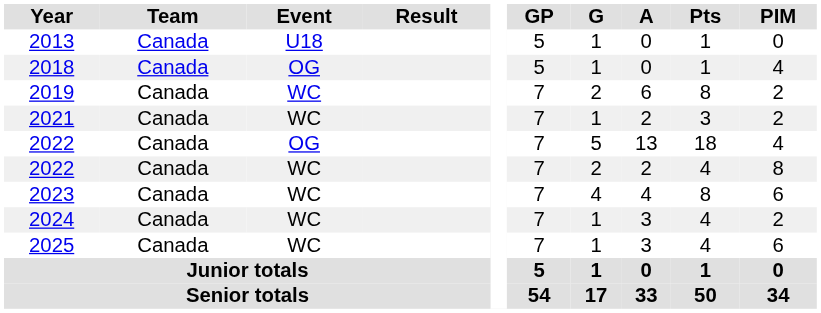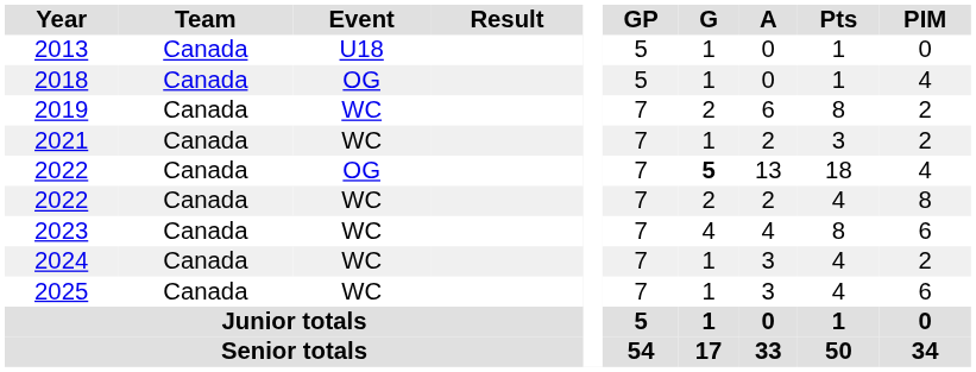 <table border="0" cellpadding="1" cellspacing="0" style="text-align:center; width:40em">
 <tr ALIGN="center" bgcolor="#e0e0e0">
 <th>Year</th>
 <th>Team</th>
 <th>Event</th>
 <th>Result</th>
 <th rowspan="99" bgcolor="#ffffff"> </th>
 <th>GP</th>
 <th>G</th>
 <th>A</th>
 <th>Pts</th>
 <th>PIM</th>
 </tr>
 <tr>
 <td><a href='#'>2013</a></td>
 <td><a href='#'>Canada</a></td>
 <td><a href='#'>U18</a></td>
 <td></td>
 <td>5</td>
 <td>1</td>
 <td>0</td>
 <td>1</td>
 <td>0</td>
 </tr>
 <tr bgcolor="#f0f0f0">
 <td><a href='#'>2018</a></td>
 <td><a href='#'>Canada</a></td>
 <td><a href='#'>OG</a></td>
 <td></td>
 <td>5</td>
 <td>1</td>
 <td>0</td>
 <td>1</td>
 <td>4</td>
 </tr>
 <tr>
 <td><a href='#'>2019</a></td>
 <td>Canada</td>
 <td><a href='#'>WC</a></td>
 <td></td>
 <td>7</td>
 <td>2</td>
 <td>6</td>
 <td>8</td>
 <td>2</td>
 </tr>
 <tr bgcolor="#f0f0f0">
 <td><a href='#'>2021</a></td>
 <td>Canada</td>
 <td>WC</td>
 <td></td>
 <td>7</td>
 <td>1</td>
 <td>2</td>
 <td>3</td>
 <td>2</td>
 </tr>
 <tr>
 <td><a href='#'>2022</a></td>
 <td>Canada</td>
 <td><a href='#'>OG</a></td>
 <td></td>
 <td>7</td>
-<td>5</td>
+<td><strong>5</strong></td>
 <td>13</td>
 <td>18</td>
 <td>4</td>
 </tr>
 <tr bgcolor="#f0f0f0">
 <td><a href='#'>2022</a></td>
 <td>Canada</td>
 <td>WC</td>
 <td></td>
 <td>7</td>
 <td>2</td>
 <td>2</td>
 <td>4</td>
 <td>8</td>
 </tr>
 <tr>
 <td><a href='#'>2023</a></td>
 <td>Canada</td>
 <td>WC</td>
 <td></td>
 <td>7</td>
 <td>4</td>
 <td>4</td>
 <td>8</td>
 <td>6</td>
 </tr>
 <tr bgcolor="#f0f0f0">
 <td><a href='#'>2024</a></td>
 <td>Canada</td>
 <td>WC</td>
 <td></td>
 <td>7</td>
 <td>1</td>
 <td>3</td>
 <td>4</td>
 <td>2</td>
 </tr>
 <tr>
 <td><a href='#'>2025</a></td>
 <td>Canada</td>
 <td>WC</td>
 <td></td>
 <td>7</td>
 <td>1</td>
 <td>3</td>
 <td>4</td>
 <td>6</td>
 </tr>
 <tr bgcolor="#e0e0e0">
 <th colspan=4>Junior totals</th>
 <th>5</th>
 <th>1</th>
 <th>0</th>
 <th>1</th>
 <th>0</th>
 </tr>
 <tr bgcolor="#e0e0e0">
 <th colspan=4>Senior totals</th>
 <th>54</th>
 <th>17</th>
 <th>33</th>
 <th>50</th>
 <th>34</th>
 </tr>
 </table>
